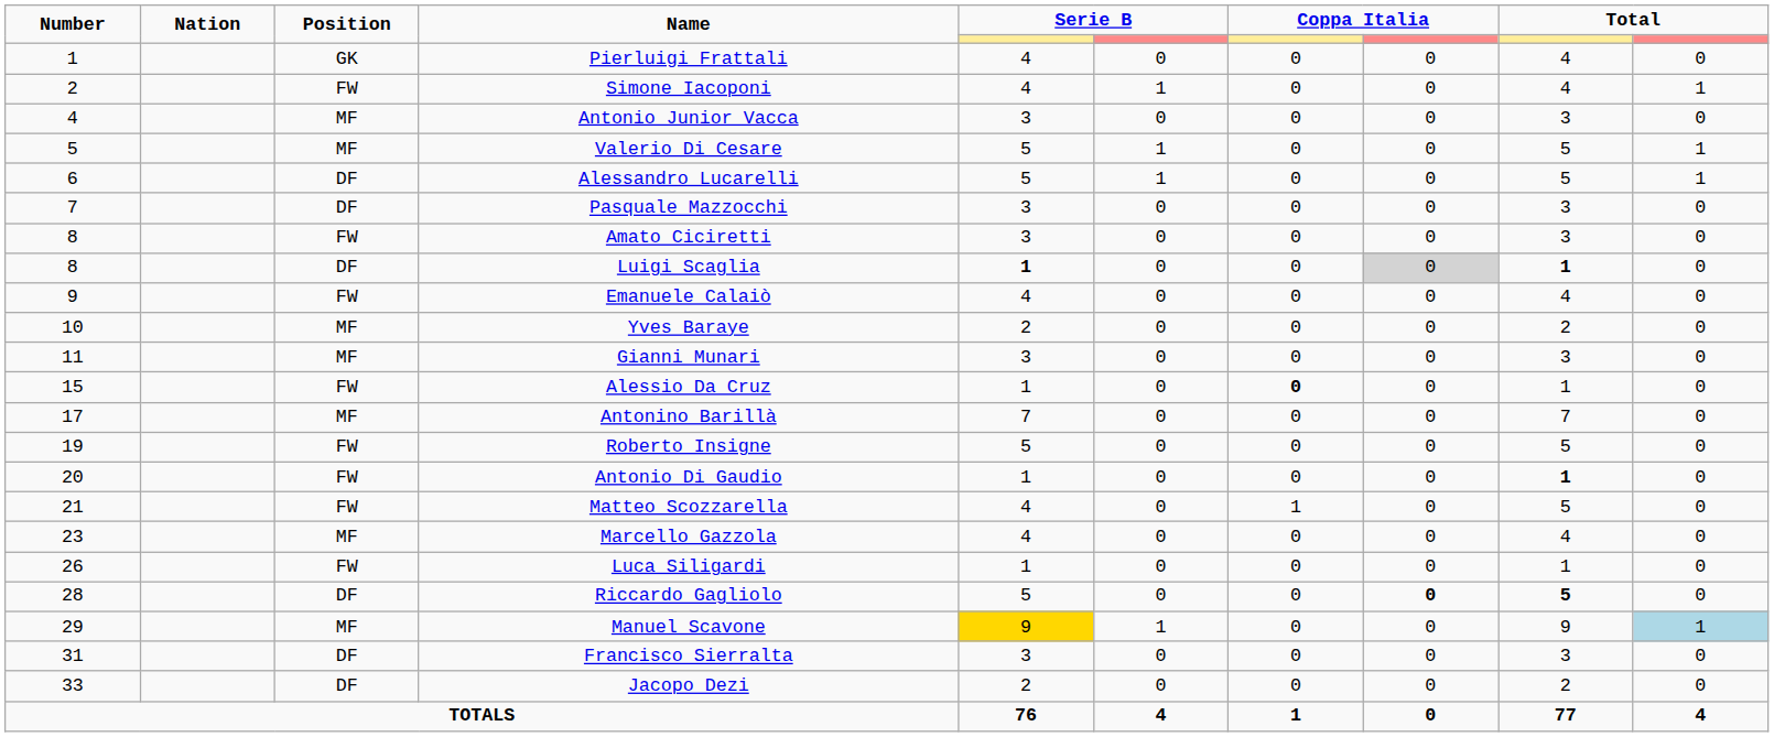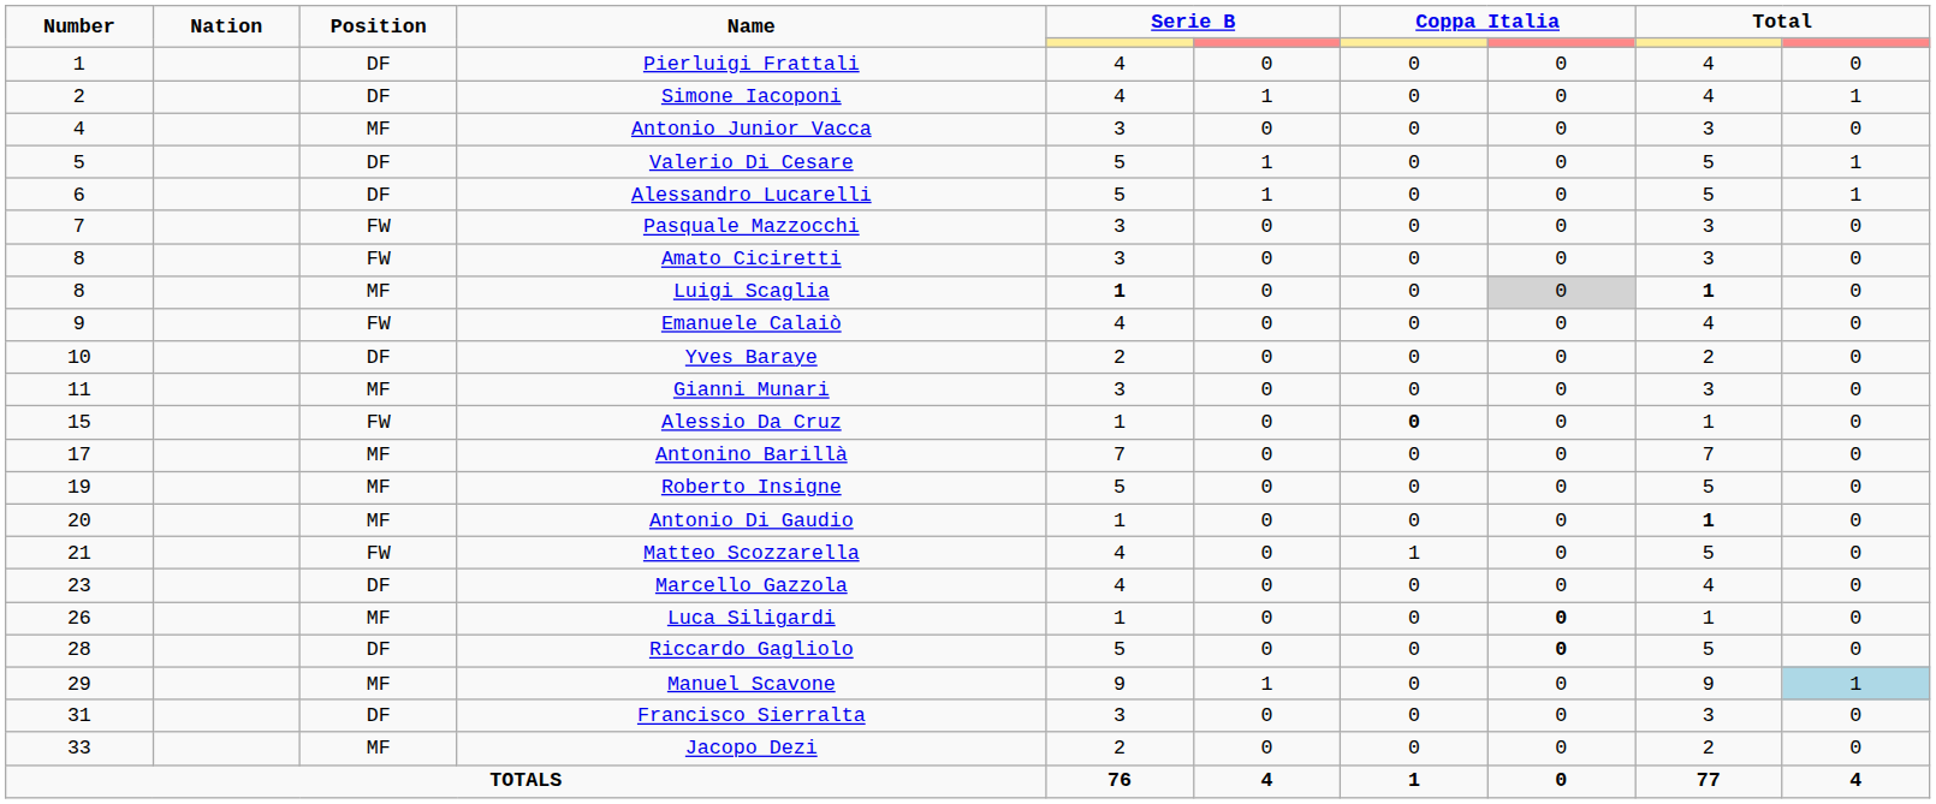 <table class="wikitable" style="text-align:center;">
 <tr>
 <td rowspan=2  style="width:5%;"><strong>Number</strong></td>
 <td rowspan=2  style="width:5%;"><strong>Nation</strong></td>
 <td rowspan=2  style="width:5%;"><strong>Position</strong></td>
 <td rowspan=2  style="width:20%;"><strong>Name</strong></td>
 <td colspan=2 style="width:10%;"><strong><a href='#'>Serie B</a></strong></td>
 <td colspan=2 style="width:10%;"><strong><a href='#'>Coppa Italia</a></strong></td>
 <td colspan=2 style="width:10%;"><strong>Total</strong></td>
 </tr>
 <tr>
 <th style="width:60px; background:#fe9;"></th>
 <th style="width:60px; background:#ff8888;"></th>
 <th style="width:60px; background:#fe9;"></th>
 <th style="width:60px; background:#ff8888;"></th>
 <th style="width:60px; background:#fe9;"></th>
 <th style="width:60px; background:#ff8888;"></th>
 </tr>
 <tr>
 <td>1</td>
 <td></td>
-<td>GK</td>
+<td>DF</td>
 <td><a href='#'>Pierluigi Frattali</a></td>
 <td>4</td>
 <td>0</td>
 <td>0</td>
 <td>0</td>
 <td>4</td>
 <td>0</td>
 </tr>
 <tr>
 <td>2</td>
 <td></td>
-<td>FW</td>
+<td>DF</td>
 <td><a href='#'>Simone Iacoponi</a></td>
 <td>4</td>
 <td>1</td>
 <td>0</td>
 <td>0</td>
 <td>4</td>
 <td>1</td>
 </tr>
 <tr>
 <td>4</td>
 <td></td>
 <td>MF</td>
 <td><a href='#'>Antonio Junior Vacca</a></td>
 <td>3</td>
 <td>0</td>
 <td>0</td>
 <td>0</td>
 <td>3</td>
 <td>0</td>
 </tr>
 <tr>
 <td>5</td>
 <td></td>
-<td>MF</td>
+<td>DF</td>
 <td><a href='#'>Valerio Di Cesare</a></td>
 <td>5</td>
 <td>1</td>
 <td>0</td>
 <td>0</td>
 <td>5</td>
 <td>1</td>
 </tr>
 <tr>
 <td>6</td>
 <td></td>
 <td>DF</td>
 <td><a href='#'>Alessandro Lucarelli</a></td>
 <td>5</td>
 <td>1</td>
 <td>0</td>
 <td>0</td>
 <td>5</td>
 <td>1</td>
 </tr>
 <tr>
 <td>7</td>
 <td></td>
-<td>DF</td>
+<td>FW</td>
 <td><a href='#'>Pasquale Mazzocchi</a></td>
 <td>3</td>
 <td>0</td>
 <td>0</td>
 <td>0</td>
 <td>3</td>
 <td>0</td>
 </tr>
 <tr>
 <td>8</td>
 <td></td>
 <td>FW</td>
 <td><a href='#'>Amato Ciciretti</a></td>
 <td>3</td>
 <td>0</td>
 <td>0</td>
 <td>0</td>
 <td>3</td>
 <td>0</td>
 </tr>
 <tr>
 <td>8</td>
 <td></td>
-<td>DF</td>
+<td>MF</td>
 <td><a href='#'>Luigi Scaglia</a></td>
 <td><strong>1</strong></td>
 <td>0</td>
 <td>0</td>
 <td style="background: lightgrey;">0</td>
 <td><strong>1</strong></td>
 <td>0</td>
 </tr>
 <tr>
 <td>9</td>
 <td></td>
 <td>FW</td>
 <td><a href='#'>Emanuele Calaiò</a></td>
 <td>4</td>
 <td>0</td>
 <td>0</td>
 <td>0</td>
 <td>4</td>
 <td>0</td>
 </tr>
 <tr>
 <td>10</td>
 <td></td>
-<td>MF</td>
+<td>DF</td>
 <td><a href='#'>Yves Baraye</a></td>
 <td>2</td>
 <td>0</td>
 <td>0</td>
 <td>0</td>
 <td>2</td>
 <td>0</td>
 </tr>
 <tr>
 <td>11</td>
 <td></td>
 <td>MF</td>
 <td><a href='#'>Gianni Munari</a></td>
 <td>3</td>
 <td>0</td>
 <td>0</td>
 <td>0</td>
 <td>3</td>
 <td>0</td>
 </tr>
 <tr>
 <td>15</td>
 <td></td>
 <td>FW</td>
 <td><a href='#'>Alessio Da Cruz</a></td>
 <td>1</td>
 <td>0</td>
 <td><strong>0</strong></td>
 <td>0</td>
 <td>1</td>
 <td>0</td>
 </tr>
 <tr>
 <td>17</td>
 <td></td>
 <td>MF</td>
 <td><a href='#'>Antonino Barillà</a></td>
 <td>7</td>
 <td>0</td>
 <td>0</td>
 <td>0</td>
 <td>7</td>
 <td>0</td>
 </tr>
 <tr>
 <td>19</td>
 <td></td>
-<td>FW</td>
+<td>MF</td>
 <td><a href='#'>Roberto Insigne</a></td>
 <td>5</td>
 <td>0</td>
 <td>0</td>
 <td>0</td>
 <td>5</td>
 <td>0</td>
 </tr>
 <tr>
 <td>20</td>
 <td></td>
-<td>FW</td>
+<td>MF</td>
 <td><a href='#'>Antonio Di Gaudio</a></td>
 <td>1</td>
 <td>0</td>
 <td>0</td>
 <td>0</td>
 <td><strong>1</strong></td>
 <td>0</td>
 </tr>
 <tr>
 <td>21</td>
 <td></td>
 <td>FW</td>
 <td><a href='#'>Matteo Scozzarella</a></td>
 <td>4</td>
 <td>0</td>
 <td>1</td>
 <td>0</td>
 <td>5</td>
 <td>0</td>
 </tr>
 <tr>
 <td>23</td>
 <td></td>
-<td>MF</td>
+<td>DF</td>
 <td><a href='#'>Marcello Gazzola</a></td>
 <td>4</td>
 <td>0</td>
 <td>0</td>
 <td>0</td>
 <td>4</td>
 <td>0</td>
 </tr>
 <tr>
 <td>26</td>
 <td></td>
-<td>FW</td>
+<td>MF</td>
 <td><a href='#'>Luca Siligardi</a></td>
 <td>1</td>
 <td>0</td>
 <td>0</td>
-<td>0</td>
+<td><strong>0</strong></td>
 <td>1</td>
 <td>0</td>
 </tr>
 <tr>
 <td>28</td>
 <td></td>
 <td>DF</td>
 <td><a href='#'>Riccardo Gagliolo</a></td>
 <td>5</td>
 <td>0</td>
 <td>0</td>
 <td><strong>0</strong></td>
-<td><strong>5</strong></td>
+<td>5</td>
 <td>0</td>
 </tr>
 <tr>
 <td>29</td>
 <td></td>
 <td>MF</td>
 <td><a href='#'>Manuel Scavone</a></td>
-<td style="background: gold;">9</td>
+<td>9</td>
 <td>1</td>
 <td>0</td>
 <td>0</td>
 <td>9</td>
 <td style="background: lightblue;">1</td>
 </tr>
 <tr>
 <td>31</td>
 <td></td>
 <td>DF</td>
 <td><a href='#'>Francisco Sierralta</a></td>
 <td>3</td>
 <td>0</td>
 <td>0</td>
 <td>0</td>
 <td>3</td>
 <td>0</td>
 </tr>
 <tr>
 <td>33</td>
 <td></td>
-<td>DF</td>
+<td>MF</td>
 <td><a href='#'>Jacopo Dezi</a></td>
 <td>2</td>
 <td>0</td>
 <td>0</td>
 <td>0</td>
 <td>2</td>
 <td>0</td>
 </tr>
 <tr>
 <td colspan=4><strong>TOTALS</strong></td>
 <td><strong>76</strong></td>
 <td><strong>4</strong></td>
 <td><strong>1</strong></td>
 <td><strong>0</strong></td>
 <td><strong>77</strong></td>
 <td><strong>4</strong></td>
 </tr>
 </table>
